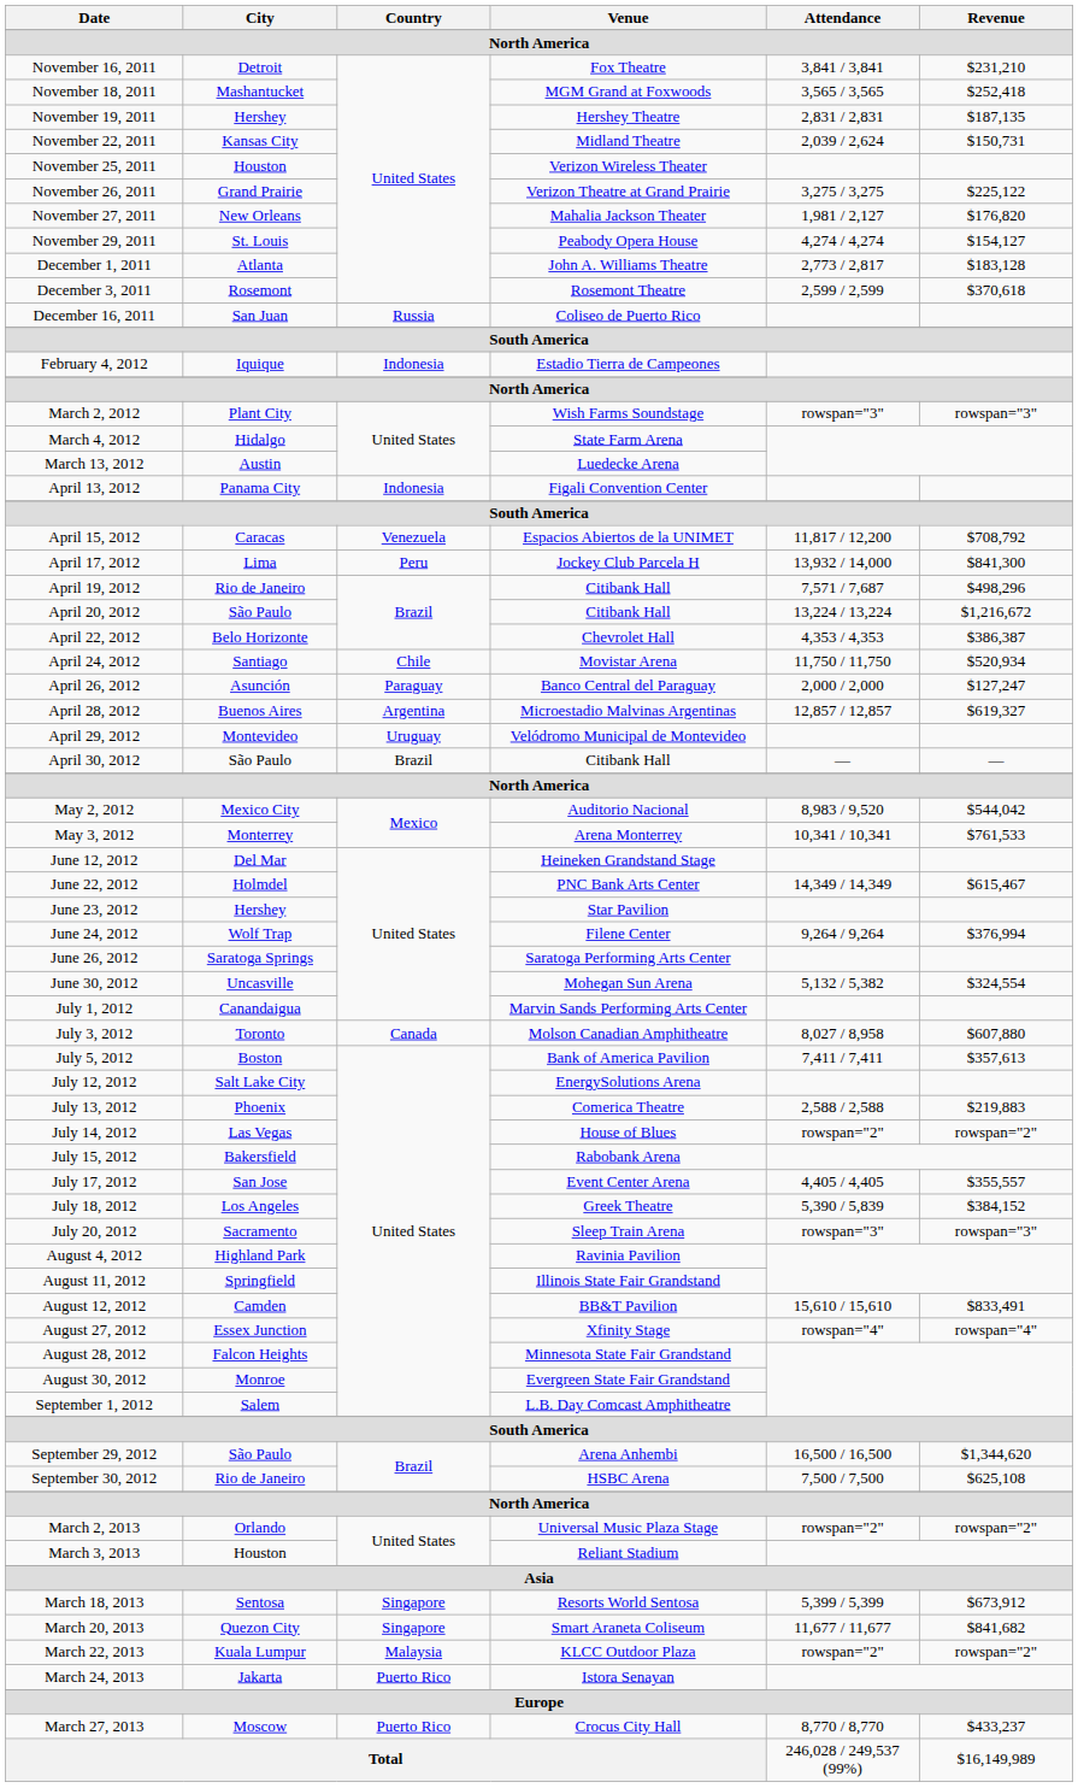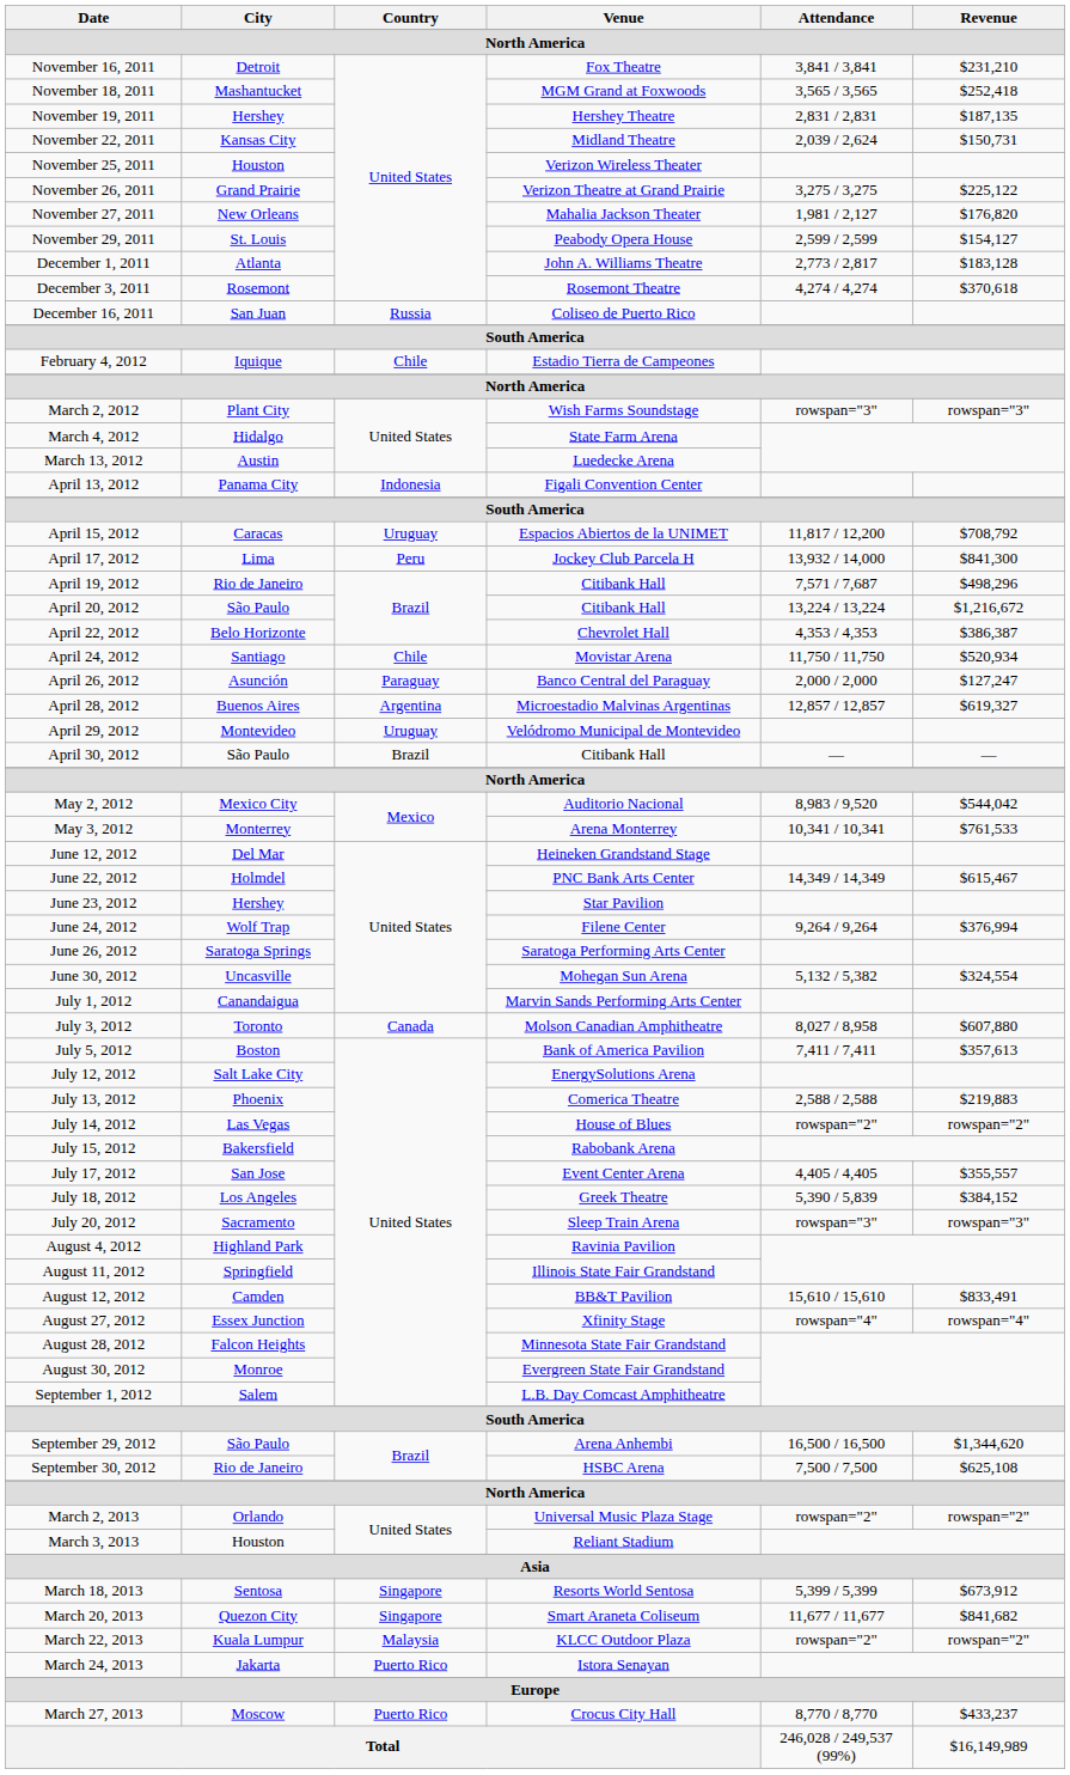 <table class="wikitable" style="text-align:center;">
 <tr>
 <th width="175">Date</th>
 <th width="150">City</th>
 <th width="150">Country</th>
 <th width="275">Venue</th>
 <th width="150">Attendance</th>
 <th width="150">Revenue</th>
 </tr>
 <tr>
 </tr>
 <tr style="background:#ddd;">
 <td colspan="6"><strong>North America</strong></td>
 </tr>
 <tr>
 <td>November 16, 2011</td>
 <td><a href='#'>Detroit</a></td>
 <td rowspan="10"><a href='#'>United States</a></td>
 <td><a href='#'>Fox Theatre</a></td>
 <td>3,841 / 3,841</td>
 <td>$231,210</td>
 </tr>
 <tr>
 <td>November 18, 2011</td>
 <td><a href='#'>Mashantucket</a></td>
 <td><a href='#'>MGM Grand at Foxwoods</a></td>
 <td>3,565 / 3,565</td>
 <td>$252,418</td>
 </tr>
 <tr>
 <td>November 19, 2011</td>
 <td><a href='#'>Hershey</a></td>
 <td><a href='#'>Hershey Theatre</a></td>
 <td>2,831 / 2,831</td>
 <td>$187,135</td>
 </tr>
 <tr>
 <td>November 22, 2011</td>
 <td><a href='#'>Kansas City</a></td>
 <td><a href='#'>Midland Theatre</a></td>
 <td>2,039 / 2,624</td>
 <td>$150,731</td>
 </tr>
 <tr>
 <td>November 25, 2011</td>
 <td><a href='#'>Houston</a></td>
 <td><a href='#'>Verizon Wireless Theater</a></td>
 <td></td>
 <td></td>
 </tr>
 <tr>
 <td>November 26, 2011</td>
 <td><a href='#'>Grand Prairie</a></td>
 <td><a href='#'>Verizon Theatre at Grand Prairie</a></td>
 <td>3,275 / 3,275</td>
 <td>$225,122</td>
 </tr>
 <tr>
 <td>November 27, 2011</td>
 <td><a href='#'>New Orleans</a></td>
 <td><a href='#'>Mahalia Jackson Theater</a></td>
 <td>1,981 / 2,127</td>
 <td>$176,820</td>
 </tr>
 <tr>
 <td>November 29, 2011</td>
 <td><a href='#'>St. Louis</a></td>
 <td><a href='#'>Peabody Opera House</a></td>
-<td>4,274 / 4,274</td>
+<td>2,599 / 2,599</td>
 <td>$154,127</td>
 </tr>
 <tr>
 <td>December 1, 2011</td>
 <td><a href='#'>Atlanta</a></td>
 <td><a href='#'>John A. Williams Theatre</a></td>
 <td>2,773 / 2,817</td>
 <td>$183,128</td>
 </tr>
 <tr>
 <td>December 3, 2011</td>
 <td><a href='#'>Rosemont</a></td>
 <td><a href='#'>Rosemont Theatre</a></td>
-<td>2,599 / 2,599</td>
+<td>4,274 / 4,274</td>
 <td>$370,618</td>
 </tr>
 <tr>
 <td>December 16, 2011</td>
 <td><a href='#'>San Juan</a></td>
 <td><a href='#'>Russia</a></td>
 <td><a href='#'>Coliseo de Puerto Rico</a></td>
 <td></td>
 <td></td>
 </tr>
 <tr>
 </tr>
 <tr style="background:#ddd;">
 <td colspan="6"><strong>South America</strong></td>
 </tr>
 <tr>
 <td>February 4, 2012</td>
 <td><a href='#'>Iquique</a></td>
-<td><a href='#'>Indonesia</a></td>
+<td><a href='#'>Chile</a></td>
 <td><a href='#'>Estadio Tierra de Campeones</a></td>
 </tr>
 <tr>
 </tr>
 <tr style="background:#ddd;">
 <td colspan="6"><strong>North America</strong></td>
 </tr>
 <tr>
 <td>March 2, 2012</td>
 <td><a href='#'>Plant City</a></td>
 <td rowspan="3">United States</td>
 <td><a href='#'>Wish Farms Soundstage</a></td>
 <td>rowspan="3" </td>
 <td>rowspan="3" </td>
 </tr>
 <tr>
 <td>March 4, 2012</td>
 <td><a href='#'>Hidalgo</a></td>
 <td><a href='#'>State Farm Arena</a></td>
 </tr>
 <tr>
 <td>March 13, 2012</td>
 <td><a href='#'>Austin</a></td>
 <td><a href='#'>Luedecke Arena</a></td>
 </tr>
 <tr>
 <td>April 13, 2012</td>
 <td><a href='#'>Panama City</a></td>
 <td><a href='#'>Indonesia</a></td>
 <td><a href='#'>Figali Convention Center</a></td>
 <td></td>
 <td></td>
 </tr>
 <tr>
 </tr>
 <tr style="background:#ddd;">
 <td colspan="6"><strong>South America</strong></td>
 </tr>
 <tr>
 <td>April 15, 2012</td>
 <td><a href='#'>Caracas</a></td>
-<td><a href='#'>Venezuela</a></td>
+<td><a href='#'>Uruguay</a></td>
 <td><a href='#'>Espacios Abiertos de la UNIMET</a></td>
 <td>11,817 / 12,200</td>
 <td>$708,792</td>
 </tr>
 <tr>
 <td>April 17, 2012</td>
 <td><a href='#'>Lima</a></td>
 <td><a href='#'>Peru</a></td>
 <td><a href='#'>Jockey Club Parcela H</a></td>
 <td>13,932 / 14,000</td>
 <td>$841,300</td>
 </tr>
 <tr>
 <td>April 19, 2012</td>
 <td><a href='#'>Rio de Janeiro</a></td>
 <td rowspan="3"><a href='#'>Brazil</a></td>
 <td><a href='#'>Citibank Hall</a></td>
 <td>7,571 / 7,687</td>
 <td>$498,296</td>
 </tr>
 <tr>
 <td>April 20, 2012</td>
 <td><a href='#'>São Paulo</a></td>
 <td><a href='#'>Citibank Hall</a></td>
 <td>13,224 / 13,224</td>
 <td>$1,216,672</td>
 </tr>
 <tr>
 <td>April 22, 2012</td>
 <td><a href='#'>Belo Horizonte</a></td>
 <td><a href='#'>Chevrolet Hall</a></td>
 <td>4,353 / 4,353</td>
 <td>$386,387</td>
 </tr>
 <tr>
 <td>April 24, 2012</td>
 <td><a href='#'>Santiago</a></td>
 <td><a href='#'>Chile</a></td>
 <td><a href='#'>Movistar Arena</a></td>
 <td>11,750 / 11,750</td>
 <td>$520,934</td>
 </tr>
 <tr>
 <td>April 26, 2012</td>
 <td><a href='#'>Asunción</a></td>
 <td><a href='#'>Paraguay</a></td>
 <td><a href='#'>Banco Central del Paraguay</a></td>
 <td>2,000 / 2,000</td>
 <td>$127,247</td>
 </tr>
 <tr>
 <td>April 28, 2012</td>
 <td><a href='#'>Buenos Aires</a></td>
 <td><a href='#'>Argentina</a></td>
 <td><a href='#'>Microestadio Malvinas Argentinas</a></td>
 <td>12,857 / 12,857</td>
 <td>$619,327</td>
 </tr>
 <tr>
 <td>April 29, 2012</td>
 <td><a href='#'>Montevideo</a></td>
 <td><a href='#'>Uruguay</a></td>
 <td><a href='#'>Velódromo Municipal de Montevideo</a></td>
 <td></td>
 <td></td>
 </tr>
 <tr>
 <td>April 30, 2012</td>
 <td>São Paulo</td>
 <td>Brazil</td>
 <td>Citibank Hall</td>
 <td>—</td>
 <td>—</td>
 </tr>
 <tr>
 </tr>
 <tr style="background:#ddd;">
 <td colspan="6"><strong>North America</strong></td>
 </tr>
 <tr>
 <td>May 2, 2012</td>
 <td><a href='#'>Mexico City</a></td>
 <td rowspan="2"><a href='#'>Mexico</a></td>
 <td><a href='#'>Auditorio Nacional</a></td>
 <td>8,983 / 9,520</td>
 <td>$544,042</td>
 </tr>
 <tr>
 <td>May 3, 2012</td>
 <td><a href='#'>Monterrey</a></td>
 <td><a href='#'>Arena Monterrey</a></td>
 <td>10,341 / 10,341</td>
 <td>$761,533</td>
 </tr>
 <tr>
 <td>June 12, 2012</td>
 <td><a href='#'>Del Mar</a></td>
 <td rowspan="7">United States</td>
 <td><a href='#'>Heineken Grandstand Stage</a></td>
 <td></td>
 <td></td>
 </tr>
 <tr>
 <td>June 22, 2012</td>
 <td><a href='#'>Holmdel</a></td>
 <td><a href='#'>PNC Bank Arts Center</a></td>
 <td>14,349 / 14,349</td>
 <td>$615,467</td>
 </tr>
 <tr>
 <td>June 23, 2012</td>
 <td><a href='#'>Hershey</a></td>
 <td><a href='#'>Star Pavilion</a></td>
 <td></td>
 <td></td>
 </tr>
 <tr>
 <td>June 24, 2012</td>
 <td><a href='#'>Wolf Trap</a></td>
 <td><a href='#'>Filene Center</a></td>
 <td>9,264 / 9,264</td>
 <td>$376,994</td>
 </tr>
 <tr>
 <td>June 26, 2012</td>
 <td><a href='#'>Saratoga Springs</a></td>
 <td><a href='#'>Saratoga Performing Arts Center</a></td>
 <td></td>
 <td></td>
 </tr>
 <tr>
 <td>June 30, 2012</td>
 <td><a href='#'>Uncasville</a></td>
 <td><a href='#'>Mohegan Sun Arena</a></td>
 <td>5,132 / 5,382</td>
 <td>$324,554</td>
 </tr>
 <tr>
 <td>July 1, 2012</td>
 <td><a href='#'>Canandaigua</a></td>
 <td><a href='#'>Marvin Sands Performing Arts Center</a></td>
 <td></td>
 <td></td>
 </tr>
 <tr>
 <td>July 3, 2012</td>
 <td><a href='#'>Toronto</a></td>
 <td><a href='#'>Canada</a></td>
 <td><a href='#'>Molson Canadian Amphitheatre</a></td>
 <td>8,027 / 8,958</td>
 <td>$607,880</td>
 </tr>
 <tr>
 <td>July 5, 2012</td>
 <td><a href='#'>Boston</a></td>
 <td rowspan="15">United States</td>
 <td><a href='#'>Bank of America Pavilion</a></td>
 <td>7,411 / 7,411</td>
 <td>$357,613</td>
 </tr>
 <tr>
 <td>July 12, 2012</td>
 <td><a href='#'>Salt Lake City</a></td>
 <td><a href='#'>EnergySolutions Arena</a></td>
 <td></td>
 <td></td>
 </tr>
 <tr>
 <td>July 13, 2012</td>
 <td><a href='#'>Phoenix</a></td>
 <td><a href='#'>Comerica Theatre</a></td>
 <td>2,588 / 2,588</td>
 <td>$219,883</td>
 </tr>
 <tr>
 <td>July 14, 2012</td>
 <td><a href='#'>Las Vegas</a></td>
 <td><a href='#'>House of Blues</a></td>
 <td>rowspan="2" </td>
 <td>rowspan="2" </td>
 </tr>
 <tr>
 <td>July 15, 2012</td>
 <td><a href='#'>Bakersfield</a></td>
 <td><a href='#'>Rabobank Arena</a></td>
 </tr>
 <tr>
 <td>July 17, 2012</td>
 <td><a href='#'>San Jose</a></td>
 <td><a href='#'>Event Center Arena</a></td>
 <td>4,405 / 4,405</td>
 <td>$355,557</td>
 </tr>
 <tr>
 <td>July 18, 2012</td>
 <td><a href='#'>Los Angeles</a></td>
 <td><a href='#'>Greek Theatre</a></td>
 <td>5,390 / 5,839</td>
 <td>$384,152</td>
 </tr>
 <tr>
 <td>July 20, 2012</td>
 <td><a href='#'>Sacramento</a></td>
 <td><a href='#'>Sleep Train Arena</a></td>
 <td>rowspan="3" </td>
 <td>rowspan="3" </td>
 </tr>
 <tr>
 <td>August 4, 2012</td>
 <td><a href='#'>Highland Park</a></td>
 <td><a href='#'>Ravinia Pavilion</a></td>
 </tr>
 <tr>
 <td>August 11, 2012</td>
 <td><a href='#'>Springfield</a></td>
 <td><a href='#'>Illinois State Fair Grandstand</a></td>
 </tr>
 <tr>
 <td>August 12, 2012</td>
 <td><a href='#'>Camden</a></td>
 <td><a href='#'>BB&T Pavilion</a></td>
 <td>15,610 / 15,610</td>
 <td>$833,491</td>
 </tr>
 <tr>
 <td>August 27, 2012</td>
 <td><a href='#'>Essex Junction</a></td>
 <td><a href='#'>Xfinity Stage</a></td>
 <td>rowspan="4" </td>
 <td>rowspan="4" </td>
 </tr>
 <tr>
 <td>August 28, 2012</td>
 <td><a href='#'>Falcon Heights</a></td>
 <td><a href='#'>Minnesota State Fair Grandstand</a></td>
 </tr>
 <tr>
 <td>August 30, 2012</td>
 <td><a href='#'>Monroe</a></td>
 <td><a href='#'>Evergreen State Fair Grandstand</a></td>
 </tr>
 <tr>
 <td>September 1, 2012</td>
 <td><a href='#'>Salem</a></td>
 <td><a href='#'>L.B. Day Comcast Amphitheatre</a></td>
 </tr>
 <tr>
 </tr>
 <tr style="background:#ddd;">
 <td colspan="6"><strong>South America</strong></td>
 </tr>
 <tr>
 <td>September 29, 2012</td>
 <td><a href='#'>São Paulo</a></td>
 <td rowspan="2"><a href='#'>Brazil</a></td>
 <td><a href='#'>Arena Anhembi</a></td>
 <td>16,500 / 16,500</td>
 <td>$1,344,620</td>
 </tr>
 <tr>
 <td>September 30, 2012</td>
 <td><a href='#'>Rio de Janeiro</a></td>
 <td><a href='#'>HSBC Arena</a></td>
 <td>7,500 / 7,500</td>
 <td>$625,108</td>
 </tr>
 <tr>
 </tr>
 <tr style="background:#ddd;">
 <td colspan="6"><strong>North America</strong></td>
 </tr>
 <tr>
 <td>March 2, 2013</td>
 <td><a href='#'>Orlando</a></td>
 <td rowspan="2">United States</td>
 <td><a href='#'>Universal Music Plaza Stage</a></td>
 <td>rowspan="2" </td>
 <td>rowspan="2" </td>
 </tr>
 <tr>
 <td>March 3, 2013</td>
 <td>Houston</td>
 <td><a href='#'>Reliant Stadium</a></td>
 </tr>
 <tr>
 </tr>
 <tr style="background:#ddd;">
 <td colspan="6"><strong>Asia</strong></td>
 </tr>
 <tr>
 <td>March 18, 2013</td>
 <td><a href='#'>Sentosa</a></td>
 <td><a href='#'>Singapore</a></td>
 <td><a href='#'>Resorts World Sentosa</a></td>
 <td>5,399 / 5,399</td>
 <td>$673,912</td>
 </tr>
 <tr>
 <td>March 20, 2013</td>
 <td><a href='#'>Quezon City</a></td>
 <td><a href='#'>Singapore</a></td>
 <td><a href='#'>Smart Araneta Coliseum</a></td>
 <td>11,677 / 11,677</td>
 <td>$841,682</td>
 </tr>
 <tr>
 <td>March 22, 2013</td>
 <td><a href='#'>Kuala Lumpur</a></td>
 <td><a href='#'>Malaysia</a></td>
 <td><a href='#'>KLCC Outdoor Plaza</a></td>
 <td>rowspan="2" </td>
 <td>rowspan="2" </td>
 </tr>
 <tr>
 <td>March 24, 2013</td>
 <td><a href='#'>Jakarta</a></td>
 <td><a href='#'>Puerto Rico</a></td>
 <td><a href='#'>Istora Senayan</a></td>
 </tr>
 <tr>
 </tr>
 <tr style="background:#ddd;">
 <td colspan="6"><strong>Europe</strong></td>
 </tr>
 <tr>
 <td>March 27, 2013</td>
 <td><a href='#'>Moscow</a></td>
 <td><a href='#'>Puerto Rico</a></td>
 <td><a href='#'>Crocus City Hall</a></td>
 <td>8,770 / 8,770</td>
 <td>$433,237</td>
 </tr>
 <tr>
 <th colspan="4"><strong>Total</strong></th>
 <td>246,028 / 249,537 (99%)</td>
 <td>$16,149,989</td>
 </tr>
 </table>
